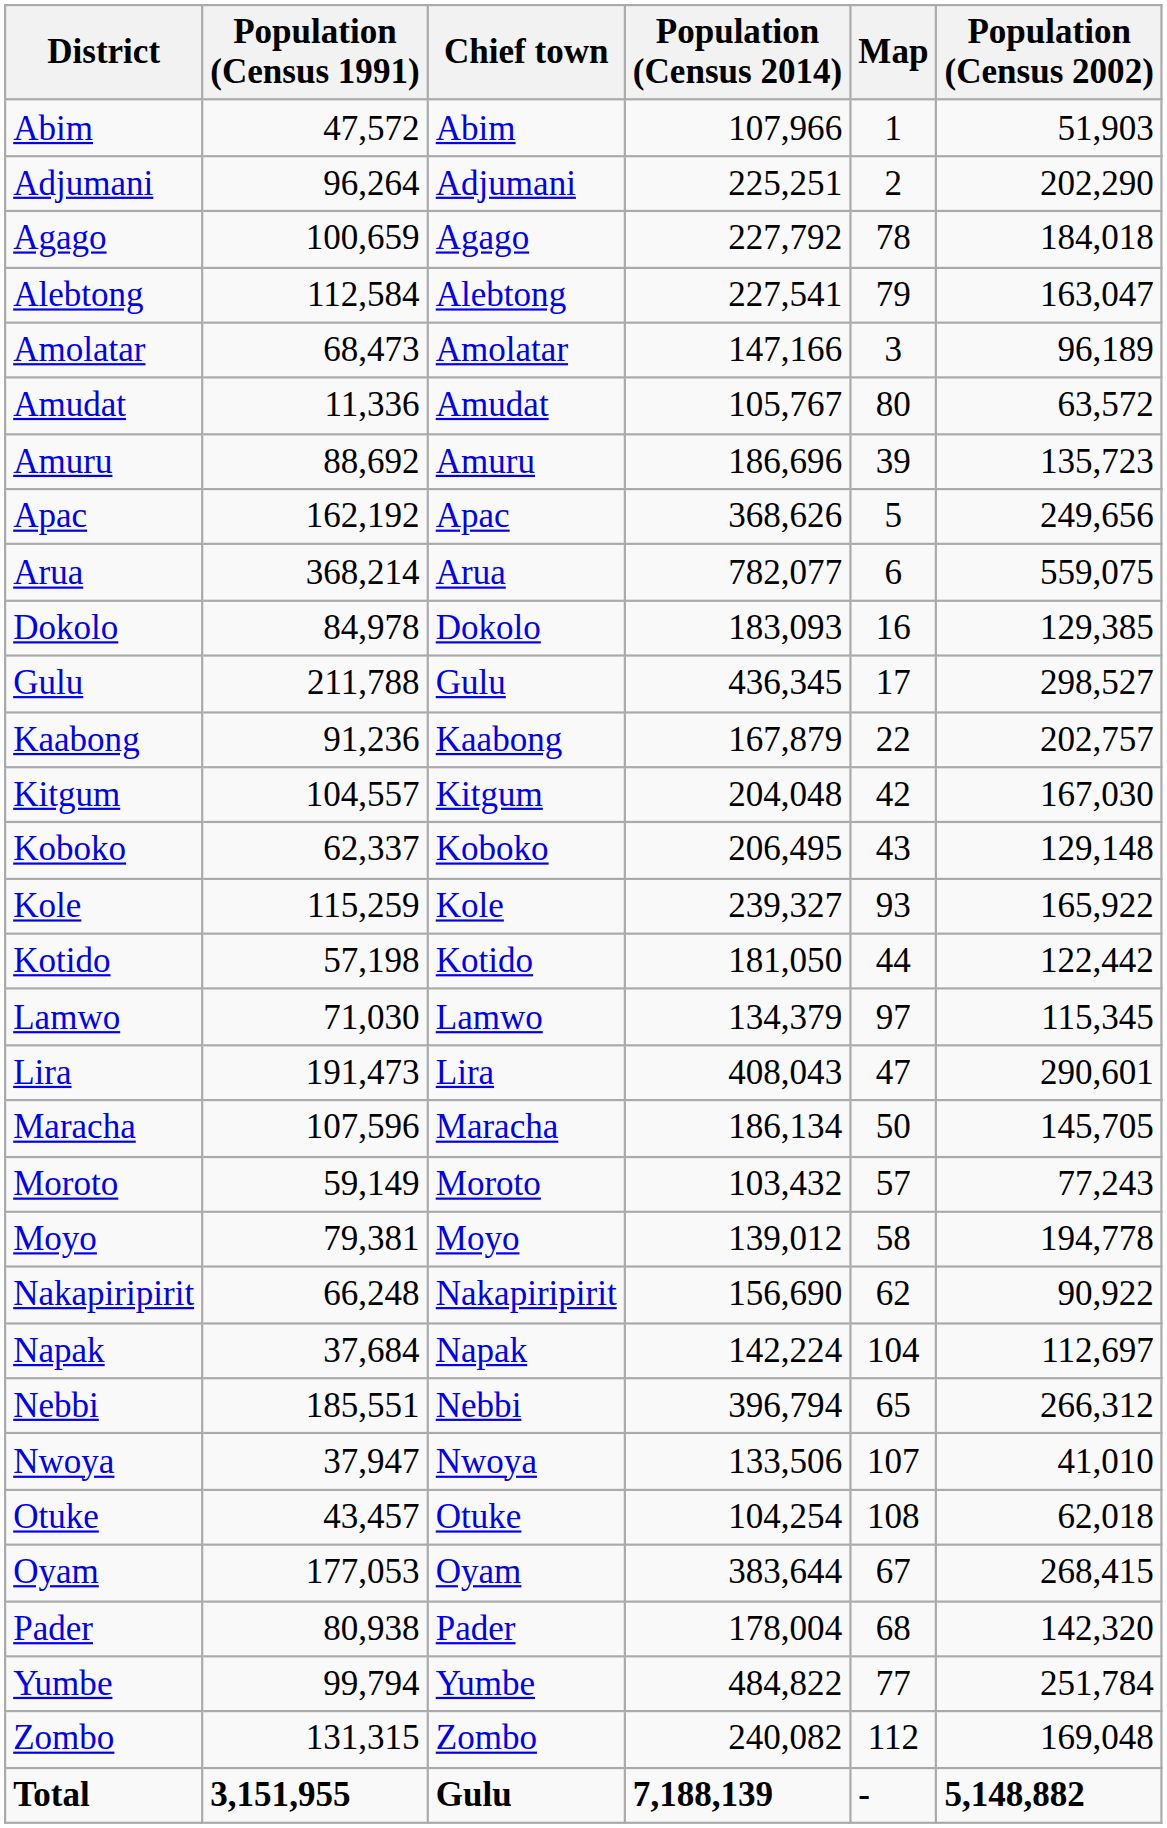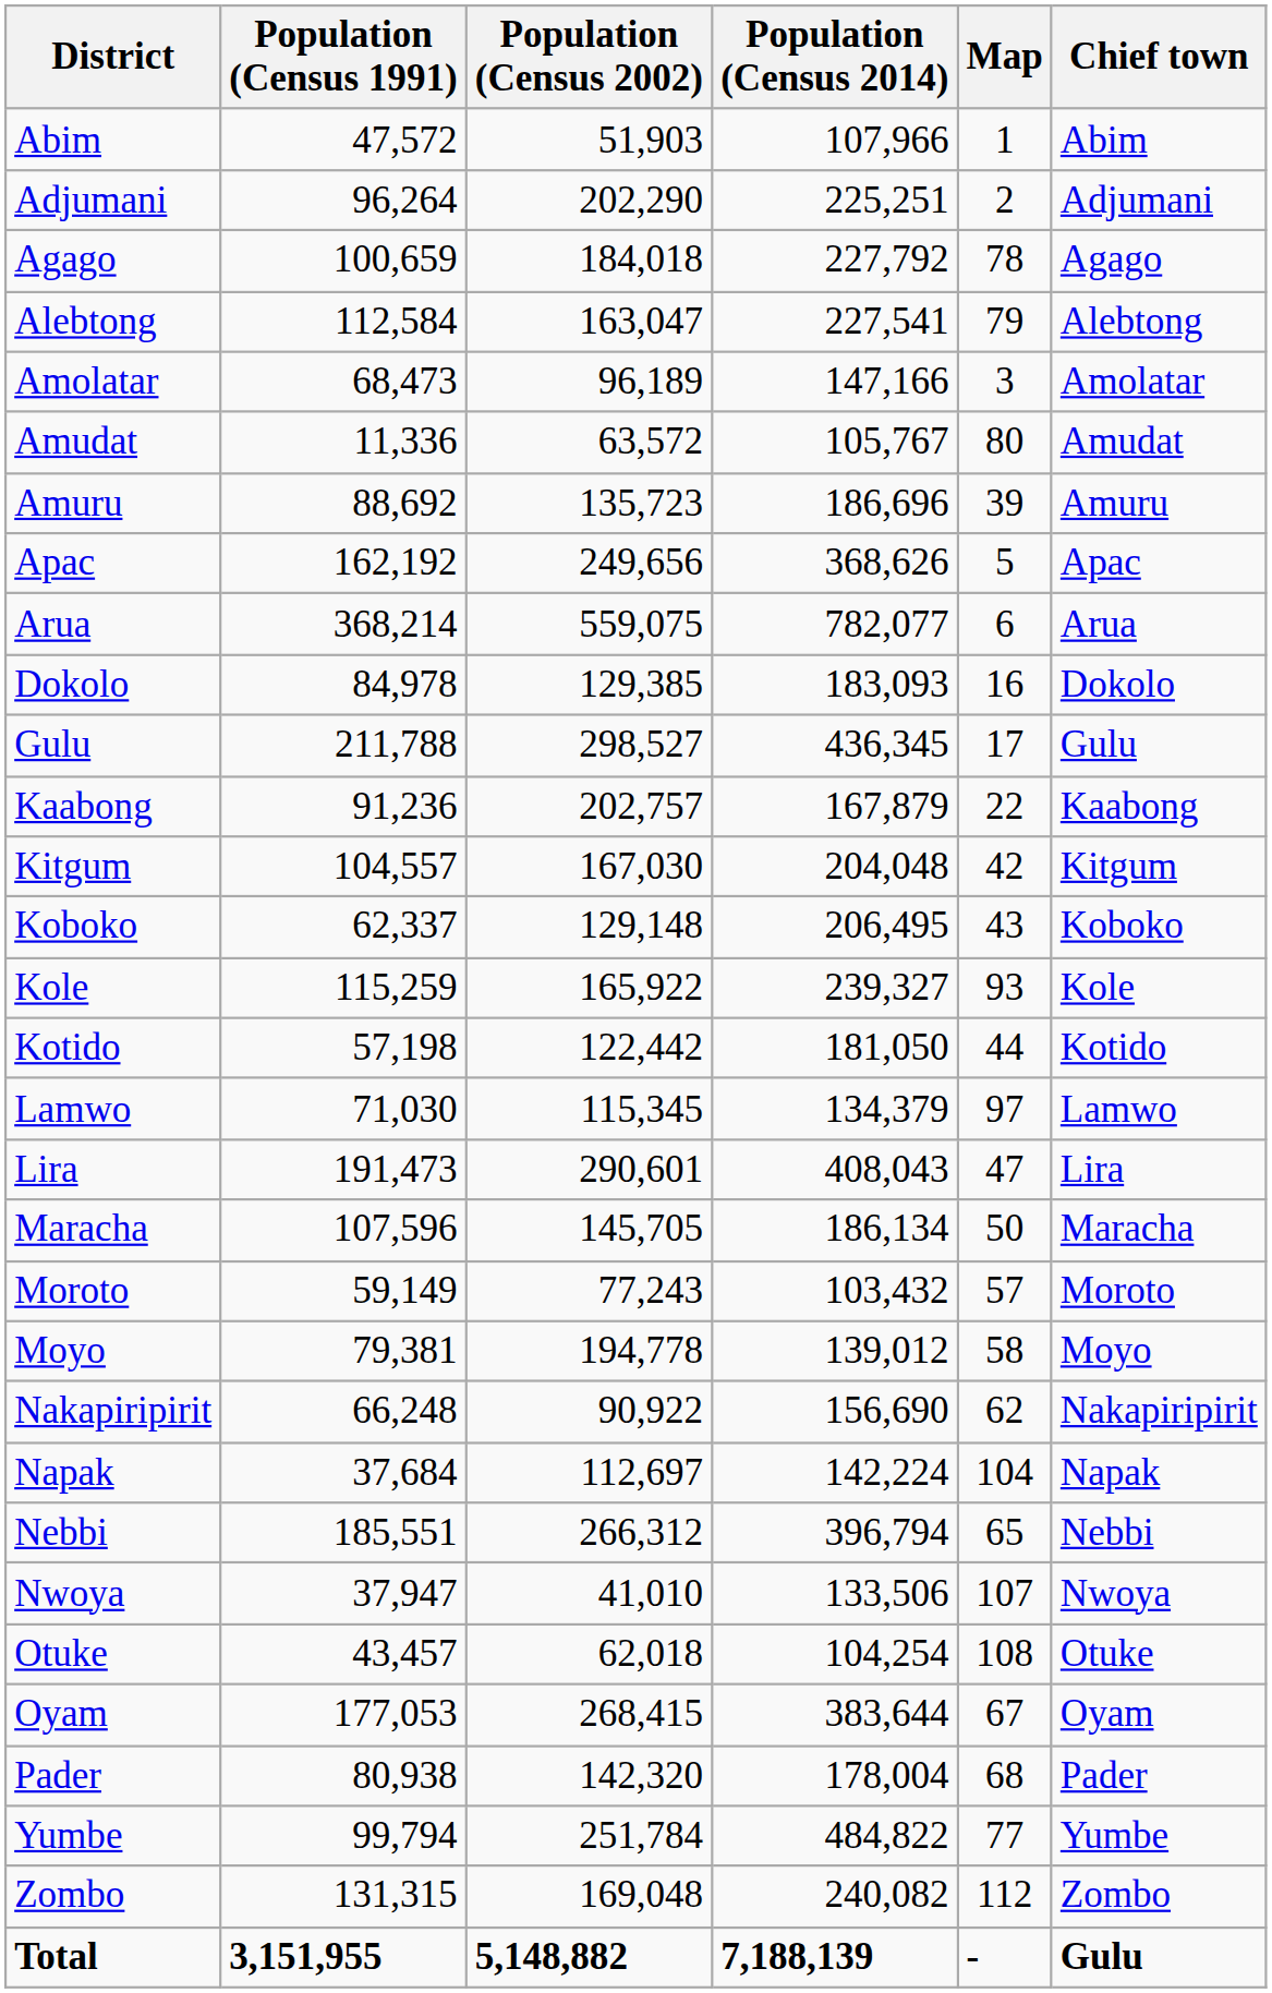 <table class="wikitable sortable">
 <tr>
 <th>District</th>
 <th>Population<br>(Census 1991)</th>
-<th>Chief town</th>
+<th>Population<br>(Census 2002)</th>
 <th>Population<br>(Census 2014)</th>
 <th>Map</th>
-<th>Population<br>(Census 2002)</th>
+<th>Chief town</th>
 </tr>
 <tr>
 <td><a href='#'>Abim</a></td>
 <td align=right>47,572</td>
-<td><a href='#'>Abim</a></td>
+<td align=right>51,903</td>
 <td align=right>107,966</td>
 <td align=center>1</td>
-<td align=right>51,903</td>
+<td><a href='#'>Abim</a></td>
 </tr>
 <tr>
 <td><a href='#'>Adjumani</a></td>
 <td align=right>96,264</td>
-<td><a href='#'>Adjumani</a></td>
+<td align=right>202,290</td>
 <td align=right>225,251</td>
 <td align=center>2</td>
-<td align=right>202,290</td>
+<td><a href='#'>Adjumani</a></td>
 </tr>
 <tr>
 <td><a href='#'>Agago</a></td>
 <td align=right>100,659</td>
-<td><a href='#'>Agago</a></td>
+<td align=right>184,018</td>
 <td align=right>227,792</td>
 <td align=center>78</td>
-<td align=right>184,018</td>
+<td><a href='#'>Agago</a></td>
 </tr>
 <tr>
 <td><a href='#'>Alebtong</a></td>
 <td align=right>112,584</td>
-<td><a href='#'>Alebtong</a></td>
+<td align=right>163,047</td>
 <td align=right>227,541</td>
 <td align=center>79</td>
-<td align=right>163,047</td>
+<td><a href='#'>Alebtong</a></td>
 </tr>
 <tr>
 <td><a href='#'>Amolatar</a></td>
 <td align=right>68,473</td>
-<td><a href='#'>Amolatar</a></td>
+<td align=right>96,189</td>
 <td align=right>147,166</td>
 <td align=center>3</td>
-<td align=right>96,189</td>
+<td><a href='#'>Amolatar</a></td>
 </tr>
 <tr>
 <td><a href='#'>Amudat</a></td>
 <td align=right>11,336</td>
-<td><a href='#'>Amudat</a></td>
+<td align=right>63,572</td>
 <td align=right>105,767</td>
 <td align=center>80</td>
-<td align=right>63,572</td>
+<td><a href='#'>Amudat</a></td>
 </tr>
 <tr>
 <td><a href='#'>Amuru</a></td>
 <td align=right>88,692</td>
-<td><a href='#'>Amuru</a></td>
+<td align=right>135,723</td>
 <td align=right>186,696</td>
 <td align=center>39</td>
-<td align=right>135,723</td>
+<td><a href='#'>Amuru</a></td>
 </tr>
 <tr>
 <td><a href='#'>Apac</a></td>
 <td align=right>162,192</td>
-<td><a href='#'>Apac</a></td>
+<td align=right>249,656</td>
 <td align=right>368,626</td>
 <td align=center>5</td>
-<td align=right>249,656</td>
+<td><a href='#'>Apac</a></td>
 </tr>
 <tr>
 <td><a href='#'>Arua</a></td>
 <td align=right>368,214</td>
-<td><a href='#'>Arua</a></td>
+<td align=right>559,075</td>
 <td align=right>782,077</td>
 <td align=center>6</td>
-<td align=right>559,075</td>
+<td><a href='#'>Arua</a></td>
 </tr>
 <tr>
 <td><a href='#'>Dokolo</a></td>
 <td align=right>84,978</td>
-<td><a href='#'>Dokolo</a></td>
+<td align=right>129,385</td>
 <td align=right>183,093</td>
 <td align=center>16</td>
-<td align=right>129,385</td>
+<td><a href='#'>Dokolo</a></td>
 </tr>
 <tr>
 <td><a href='#'>Gulu</a></td>
 <td align=right>211,788</td>
-<td><a href='#'>Gulu</a></td>
+<td align=right>298,527</td>
 <td align=right>436,345</td>
 <td align=center>17</td>
-<td align=right>298,527</td>
+<td><a href='#'>Gulu</a></td>
 </tr>
 <tr>
 <td><a href='#'>Kaabong</a></td>
 <td align=right>91,236</td>
-<td><a href='#'>Kaabong</a></td>
+<td align=right>202,757</td>
 <td align=right>167,879</td>
 <td align=center>22</td>
-<td align=right>202,757</td>
+<td><a href='#'>Kaabong</a></td>
 </tr>
 <tr>
 <td><a href='#'>Kitgum</a></td>
 <td align=right>104,557</td>
-<td><a href='#'>Kitgum</a></td>
+<td align=right>167,030</td>
 <td align=right>204,048</td>
 <td align=center>42</td>
-<td align=right>167,030</td>
+<td><a href='#'>Kitgum</a></td>
 </tr>
 <tr>
 <td><a href='#'>Koboko</a></td>
 <td align=right>62,337</td>
-<td><a href='#'>Koboko</a></td>
+<td align=right>129,148</td>
 <td align=right>206,495</td>
 <td align=center>43</td>
-<td align=right>129,148</td>
+<td><a href='#'>Koboko</a></td>
 </tr>
 <tr>
 <td><a href='#'>Kole</a></td>
 <td align=right>115,259</td>
-<td><a href='#'>Kole</a></td>
+<td align=right>165,922</td>
 <td align=right>239,327</td>
 <td align=center>93</td>
-<td align=right>165,922</td>
+<td><a href='#'>Kole</a></td>
 </tr>
 <tr>
 <td><a href='#'>Kotido</a></td>
 <td align=right>57,198</td>
-<td><a href='#'>Kotido</a></td>
+<td align=right>122,442</td>
 <td align=right>181,050</td>
 <td align=center>44</td>
-<td align=right>122,442</td>
+<td><a href='#'>Kotido</a></td>
 </tr>
 <tr>
 <td><a href='#'>Lamwo</a></td>
 <td align=right>71,030</td>
-<td><a href='#'>Lamwo</a></td>
+<td align=right>115,345</td>
 <td align=right>134,379</td>
 <td align=center>97</td>
-<td align=right>115,345</td>
+<td><a href='#'>Lamwo</a></td>
 </tr>
 <tr>
 <td><a href='#'>Lira</a></td>
 <td align=right>191,473</td>
-<td><a href='#'>Lira</a></td>
+<td align=right>290,601</td>
 <td align=right>408,043</td>
 <td align=center>47</td>
-<td align=right>290,601</td>
+<td><a href='#'>Lira</a></td>
 </tr>
 <tr>
 <td><a href='#'>Maracha</a></td>
 <td align=right>107,596</td>
-<td><a href='#'>Maracha</a></td>
+<td align=right>145,705</td>
 <td align=right>186,134</td>
 <td align=center>50</td>
-<td align=right>145,705</td>
+<td><a href='#'>Maracha</a></td>
 </tr>
 <tr>
 <td><a href='#'>Moroto</a></td>
 <td align=right>59,149</td>
-<td><a href='#'>Moroto</a></td>
+<td align=right>77,243</td>
 <td align=right>103,432</td>
 <td align=center>57</td>
-<td align=right>77,243</td>
+<td><a href='#'>Moroto</a></td>
 </tr>
 <tr>
 <td><a href='#'>Moyo</a></td>
 <td align=right>79,381</td>
-<td><a href='#'>Moyo</a></td>
+<td align=right>194,778</td>
 <td align=right>139,012</td>
 <td align=center>58</td>
-<td align=right>194,778</td>
+<td><a href='#'>Moyo</a></td>
 </tr>
 <tr>
 <td><a href='#'>Nakapiripirit</a></td>
 <td align=right>66,248</td>
-<td><a href='#'>Nakapiripirit</a></td>
+<td align=right>90,922</td>
 <td align=right>156,690</td>
 <td align=center>62</td>
-<td align=right>90,922</td>
+<td><a href='#'>Nakapiripirit</a></td>
 </tr>
 <tr>
 <td><a href='#'>Napak</a></td>
 <td align=right>37,684</td>
-<td><a href='#'>Napak</a></td>
+<td align=right>112,697</td>
 <td align=right>142,224</td>
 <td align=center>104</td>
-<td align=right>112,697</td>
+<td><a href='#'>Napak</a></td>
 </tr>
 <tr>
 <td><a href='#'>Nebbi</a></td>
 <td align=right>185,551</td>
-<td><a href='#'>Nebbi</a></td>
+<td align=right>266,312</td>
 <td align=right>396,794</td>
 <td align=center>65</td>
-<td align=right>266,312</td>
+<td><a href='#'>Nebbi</a></td>
 </tr>
 <tr>
 <td><a href='#'>Nwoya</a></td>
 <td align=right>37,947</td>
-<td><a href='#'>Nwoya</a></td>
+<td align=right>41,010</td>
 <td align=right>133,506</td>
 <td align=center>107</td>
-<td align=right>41,010</td>
+<td><a href='#'>Nwoya</a></td>
 </tr>
 <tr>
 <td><a href='#'>Otuke</a></td>
 <td align=right>43,457</td>
-<td><a href='#'>Otuke</a></td>
+<td align=right>62,018</td>
 <td align=right>104,254</td>
 <td align=center>108</td>
-<td align=right>62,018</td>
+<td><a href='#'>Otuke</a></td>
 </tr>
 <tr>
 <td><a href='#'>Oyam</a></td>
 <td align=right>177,053</td>
-<td><a href='#'>Oyam</a></td>
+<td align=right>268,415</td>
 <td align=right>383,644</td>
 <td align=center>67</td>
-<td align=right>268,415</td>
+<td><a href='#'>Oyam</a></td>
 </tr>
 <tr>
 <td><a href='#'>Pader</a></td>
 <td align=right>80,938</td>
-<td><a href='#'>Pader</a></td>
+<td align=right>142,320</td>
 <td align=right>178,004</td>
 <td align=center>68</td>
-<td align=right>142,320</td>
+<td><a href='#'>Pader</a></td>
 </tr>
 <tr>
 <td><a href='#'>Yumbe</a></td>
 <td align=right>99,794</td>
-<td><a href='#'>Yumbe</a></td>
+<td align=right>251,784</td>
 <td align=right>484,822</td>
 <td align=center>77</td>
-<td align=right>251,784</td>
+<td><a href='#'>Yumbe</a></td>
 </tr>
 <tr>
 <td><a href='#'>Zombo</a></td>
 <td align=right>131,315</td>
-<td><a href='#'>Zombo</a></td>
+<td align=right>169,048</td>
 <td align=right>240,082</td>
 <td align=center>112</td>
-<td align=right>169,048</td>
+<td><a href='#'>Zombo</a></td>
 </tr>
 <tr>
 <td><strong>Total</strong></td>
 <td><strong>3,151,955</strong></td>
-<td><strong>Gulu</strong></td>
+<td><strong>5,148,882</strong></td>
 <td><strong>7,188,139</strong></td>
 <td><strong>-</strong></td>
-<td><strong>5,148,882</strong></td>
+<td><strong>Gulu</strong></td>
 </tr>
 </table>
